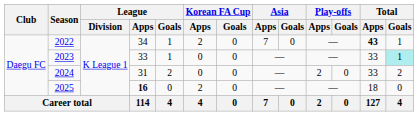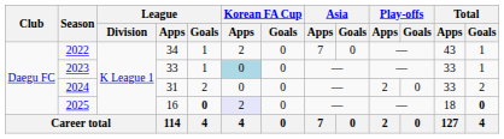 <table class="wikitable" style="text-align:center">
 <tr>
 <th rowspan="2">Club</th>
 <th rowspan="2">Season</th>
 <th colspan="3">League</th>
 <th colspan="2"><a href='#'>Korean FA Cup</a></th>
 <th colspan="2"><a href='#'>Asia</a></th>
 <th colspan="2"><a href='#'>Play-offs</a></th>
 <th colspan="2">Total</th>
 </tr>
 <tr>
 <th>Division</th>
 <th>Apps</th>
 <th>Goals</th>
 <th>Apps</th>
 <th>Goals</th>
 <th>Apps</th>
 <th>Goals</th>
 <th>Apps</th>
 <th>Goals</th>
 <th>Apps</th>
 <th>Goals</th>
 </tr>
 <tr>
 <td rowspan="4"><a href='#'>Daegu FC</a></td>
 <td><a href='#'>2022</a></td>
 <td rowspan="4"><a href='#'>K League 1</a></td>
 <td>34</td>
 <td>1</td>
 <td>2</td>
 <td>0</td>
 <td>7</td>
 <td>0</td>
 <td colspan="2">—</td>
-<td><strong>43</strong></td>
+<td>43</td>
 <td>1</td>
 </tr>
 <tr>
 <td><a href='#'>2023</a></td>
 <td>33</td>
 <td>1</td>
-<td>0</td>
+<td style="background: lightblue;">0</td>
 <td>0</td>
 <td colspan="2">—</td>
 <td colspan="2">—</td>
 <td>33</td>
-<td style="background: paleturquoise;">1</td>
+<td>1</td>
 </tr>
 <tr>
 <td><a href='#'>2024</a></td>
 <td>31</td>
 <td>2</td>
 <td>0</td>
 <td>0</td>
 <td colspan="2">—</td>
 <td>2</td>
 <td>0</td>
 <td>33</td>
 <td>2</td>
 </tr>
 <tr>
 <td><a href='#'>2025</a></td>
-<td><strong>16</strong></td>
-<td>0</td>
-<td>2</td>
+<td>16</td>
+<td><strong>0</strong></td>
+<td style="background: lavender;">2</td>
 <td>0</td>
 <td colspan="2">—</td>
 <td colspan="2">—</td>
 <td>18</td>
-<td>0</td>
+<td><strong>0</strong></td>
 </tr>
 <tr>
 <th colspan="3">Career total</th>
 <th>114</th>
 <th>4</th>
 <th>4</th>
 <th>0</th>
 <th>7</th>
 <th>0</th>
 <th>2</th>
 <th>0</th>
 <th>127</th>
 <th>4</th>
 </tr>
 </table>
